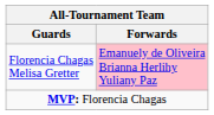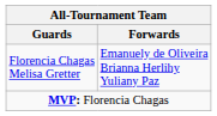 <table class=wikitable style="margin:auto">
 <tr>
 <th colspan=2 align=center>All-Tournament Team</th>
 </tr>
 <tr>
 <th>Guards</th>
 <th>Forwards</th>
 </tr>
 <tr>
 <td> <a href='#'>Florencia Chagas</a><br> <a href='#'>Melisa Gretter</a></td>
-<td style="background: pink;"> <a href='#'>Emanuely de Oliveira</a><br> <a href='#'>Brianna Herlihy</a><br> <a href='#'>Yuliany Paz</a></td>
+<td> <a href='#'>Emanuely de Oliveira</a><br> <a href='#'>Brianna Herlihy</a><br> <a href='#'>Yuliany Paz</a></td>
 </tr>
 <tr>
 <td colspan=3 align=center><strong><a href='#'>MVP</a>:</strong>  Florencia Chagas</td>
 </tr>
 </table>
